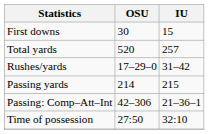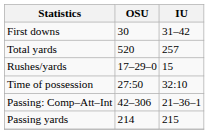 <table class="wikitable" style="float: left;">
 <tr>
 <th>Statistics</th>
 <th>OSU</th>
 <th>IU</th>
 </tr>
 <tr>
 <td>First downs</td>
 <td>30</td>
-<td>15</td>
+<td>31–42</td>
 </tr>
 <tr>
 <td>Total yards</td>
 <td>520</td>
 <td>257</td>
 </tr>
 <tr>
 <td>Rushes/yards</td>
 <td>17–29–0</td>
-<td>31–42</td>
+<td>15</td>
+</tr>
+<tr>
+<td>Time of possession</td>
+<td>27:50</td>
+<td>32:10</td>
+</tr>
+<tr>
+<td>Passing: Comp–Att–Int</td>
+<td>42–306</td>
+<td>21–36–1</td>
 </tr>
 <tr>
 <td>Passing yards</td>
 <td>214</td>
 <td>215</td>
 </tr>
 <tr>
-<td>Passing: Comp–Att–Int</td>
-<td>42–306</td>
-<td>21–36–1</td>
-</tr>
-<tr>
-<td>Time of possession</td>
-<td>27:50</td>
-<td>32:10</td>
-</tr>
-<tr>
 </tr>
 </table>
